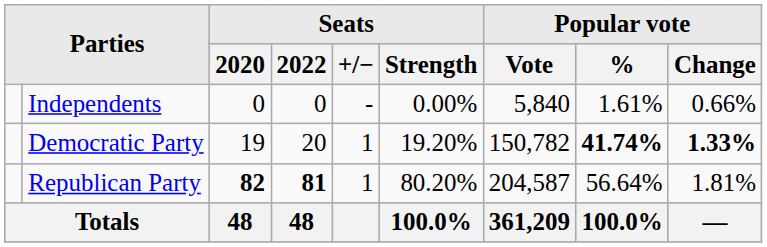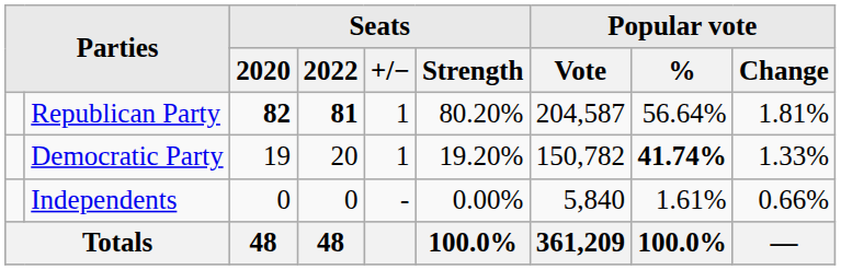 <table class=wikitable>
 <tr>
 <th style="background:#e9e9e9; text-align:center" rowspan="2" colspan="2">Parties</th>
 <th style="background:#e9e9e9; text-align:center" colspan="4">Seats</th>
 <th style="background:#e9e9e9; text-align:center" colspan="3">Popular vote</th>
 </tr>
 <tr style="background:#e9e9e9">
 <th>2020</th>
 <th>2022</th>
 <th>+/−</th>
 <th>Strength</th>
 <th>Vote</th>
 <th>%</th>
 <th>Change</th>
 </tr>
 <tr>
 <td style="background-color:"> </td>
-<td><a href='#'>Independents</a></td>
-<td align=right>0</td>
-<td align=right>0</td>
-<td align=right>-</td>
-<td align=right>0.00%</td>
-<td align=right>5,840</td>
-<td align=right>1.61%</td>
-<td align=right> 0.66%</td>
+<td><a href='#'>Republican Party</a></td>
+<td align=right><strong>82</strong></td>
+<td align=right><strong>81</strong></td>
+<td align=right> 1</td>
+<td align=right>80.20%</td>
+<td align=right>204,587</td>
+<td align=right>56.64%</td>
+<td align=right> 1.81%</td>
 </tr>
 <tr>
 <td style="background-color:"> </td>
 <td><a href='#'>Democratic Party</a></td>
 <td align=right>19</td>
 <td align=right>20</td>
 <td align=right> 1</td>
 <td align=right>19.20%</td>
 <td align=right>150,782</td>
 <td align=right><strong>41.74%</strong></td>
-<td align=right><strong> 1.33%</strong></td>
+<td align=right> 1.33%</td>
 </tr>
 <tr>
 <td style="background-color:"> </td>
-<td><a href='#'>Republican Party</a></td>
-<td align=right><strong>82</strong></td>
-<td align=right><strong>81</strong></td>
-<td align=right> 1</td>
-<td align=right>80.20%</td>
-<td align=right>204,587</td>
-<td align=right>56.64%</td>
-<td align=right> 1.81%</td>
+<td><a href='#'>Independents</a></td>
+<td align=right>0</td>
+<td align=right>0</td>
+<td align=right>-</td>
+<td align=right>0.00%</td>
+<td align=right>5,840</td>
+<td align=right>1.61%</td>
+<td align=right> 0.66%</td>
 </tr>
 <tr style="background:#ccc">
 <th colspan=2><strong>Totals</strong></th>
 <th>48</th>
 <th>48</th>
 <th></th>
 <th>100.0%</th>
 <th>361,209</th>
 <th>100.0%</th>
 <th>—</th>
 </tr>
 </table>
